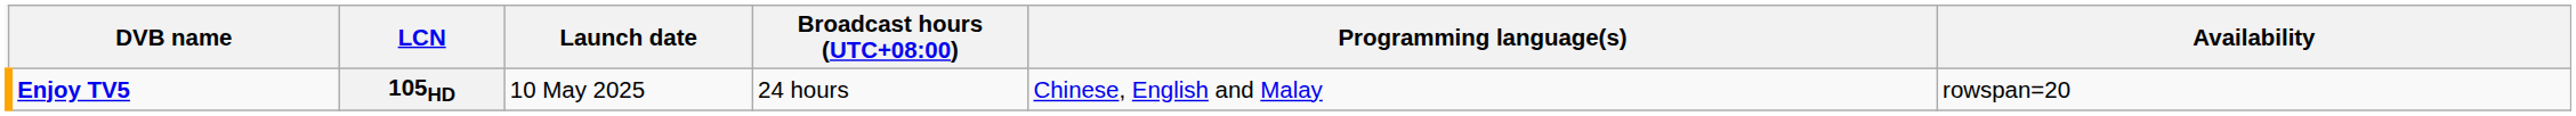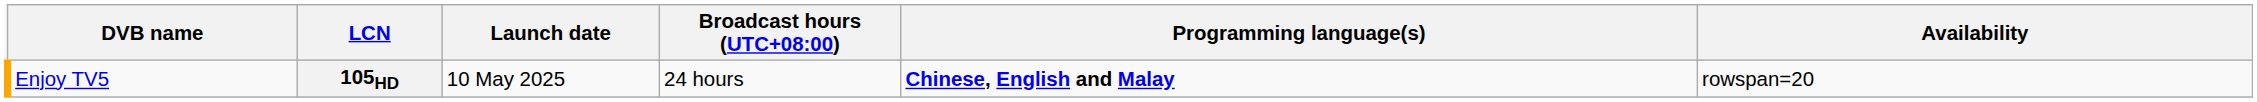 <table class="wikitable" style="font-size:90%; width:100%;">
 <tr>
 <th width="12%">DVB name</th>
 <th width="6%"><a href='#'>LCN</a></th>
 <th width="9%">Launch date</th>
 <th width="10%">Broadcast hours (<a href='#'>UTC+08:00</a>)</th>
 <th width="33%">Programming language(s)</th>
 <th width="23%">Availability</th>
 </tr>
 <tr>
-<td style="border-left: 5px solid orange;"><strong><a href='#'>Enjoy TV5</a></strong></td>
+<td style="border-left: 5px solid orange;"><a href='#'>Enjoy TV5</a></td>
 <th>105<sub>HD</sub></th>
 <td>10 May 2025</td>
 <td rowspan=23>24 hours</td>
-<td><a href='#'>Chinese</a>, <a href='#'>English</a> and <a href='#'>Malay</a></td>
+<td><strong><a href='#'>Chinese</a>, <a href='#'>English</a> and <a href='#'>Malay</a></strong></td>
 <td>rowspan=20 </td>
 </tr>
 </table>
